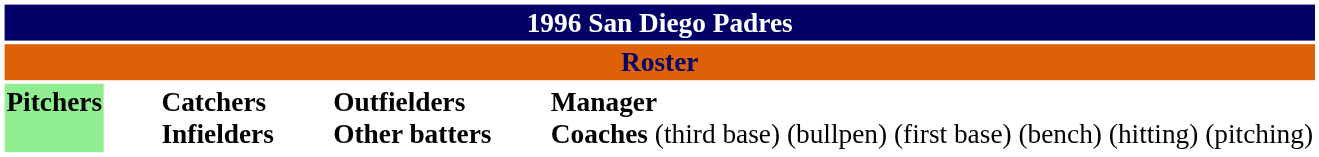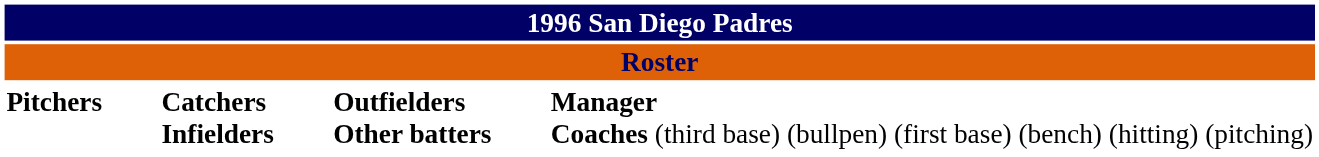 <table class="toccolours" style="font-size: 95%;">
 <tr>
 <th colspan="10" style="background-color: #000066;; color: #FFFFFF; text-align: center;">1996 San Diego Padres</th>
 </tr>
 <tr>
 <td colspan="10" style="background-color: #de6108; color: #000066; text-align: center;"><strong>Roster</strong></td>
 </tr>
 <tr>
-<td valign="top" style="background: lightgreen;"><strong>Pitchers</strong><br>                  </td>
+<td valign="top"><strong>Pitchers</strong><br>                  </td>
 <td width="25px"></td>
 <td valign="top"><strong>Catchers</strong><br>   <strong>Infielders</strong>           </td>
 <td width="25px"></td>
 <td valign="top"><strong>Outfielders</strong><br>        <strong>Other batters</strong>  </td>
 <td width="25px"></td>
 <td valign="top"><strong>Manager</strong><br> <strong>Coaches</strong>  (third base)  (bullpen)  (first base)  (bench)  (hitting)  (pitching)</td>
 </tr>
 </table>
